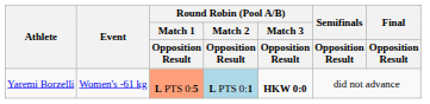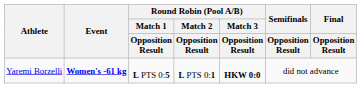 <table class="wikitable" border="1" style="font-size:90%">
 <tr>
 <th rowspan=3>Athlete</th>
 <th rowspan=3>Event</th>
 <th colspan=3>Round Robin (Pool A/B)</th>
 <th rowspan=2>Semifinals</th>
 <th rowspan=2>Final</th>
 </tr>
 <tr>
 <th>Match 1</th>
 <th>Match 2</th>
 <th>Match 3</th>
 </tr>
 <tr>
 <th>Opposition<br>Result</th>
 <th>Opposition<br>Result</th>
 <th>Opposition<br>Result</th>
 <th>Opposition<br>Result</th>
 <th>Opposition<br>Result</th>
 </tr>
 <tr>
 <td><a href='#'>Yaremi Borzelli</a></td>
-<td><a href='#'>Women's -61 kg</a></td>
-<td align=center style="background: lightsalmon;"><br><strong>L</strong> PTS 0:<strong>5</strong></td>
-<td align=center style="background: lightblue;"><br><strong>L</strong> PTS 0:<strong>1</strong></td>
+<td><strong><a href='#'>Women's -61 kg</a></strong></td>
+<td align=center><br><strong>L</strong> PTS 0:<strong>5</strong></td>
+<td align=center><br><strong>L</strong> PTS 0:<strong>1</strong></td>
 <td align=center><br><strong>HKW 0:0</strong></td>
 <td align=center colspan="7">did not advance</td>
 </tr>
 </table>
